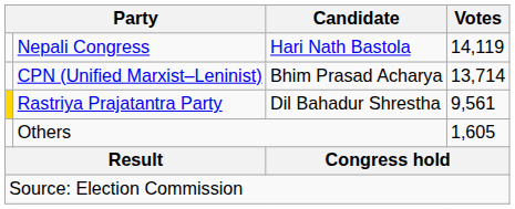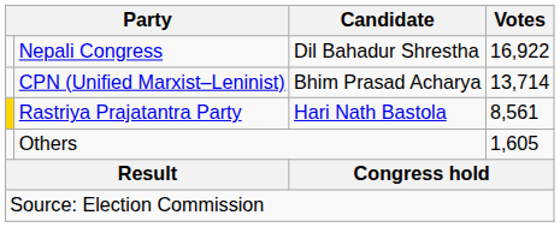 <table class="wikitable">
 <tr>
 <th colspan="2">Party</th>
 <th>Candidate</th>
 <th>Votes</th>
 </tr>
 <tr>
 <td style="background-color:"></td>
 <td><a href='#'>Nepali Congress</a></td>
-<td><a href='#'>Hari Nath Bastola</a></td>
-<td>14,119</td>
+<td>Dil Bahadur Shrestha</td>
+<td>16,922</td>
 </tr>
 <tr>
 <td style="background-color:"></td>
 <td><a href='#'>CPN (Unified Marxist–Leninist)</a></td>
 <td>Bhim Prasad Acharya</td>
 <td>13,714</td>
 </tr>
 <tr>
 <td style="background-color:gold"></td>
 <td><a href='#'>Rastriya Prajatantra Party</a></td>
-<td>Dil Bahadur Shrestha</td>
-<td>9,561</td>
+<td><a href='#'>Hari Nath Bastola</a></td>
+<td>8,561</td>
 </tr>
 <tr>
 <td></td>
 <td colspan="2">Others</td>
 <td>1,605</td>
 </tr>
 <tr>
 <th colspan="2">Result</th>
 <th colspan="2">Congress hold</th>
 </tr>
 <tr>
 <td colspan="4">Source: Election Commission</td>
 </tr>
 </table>
